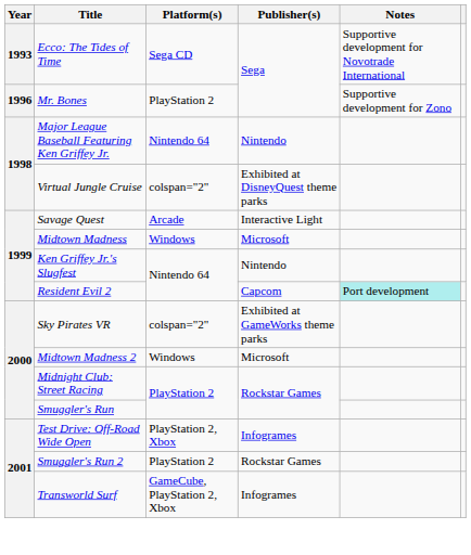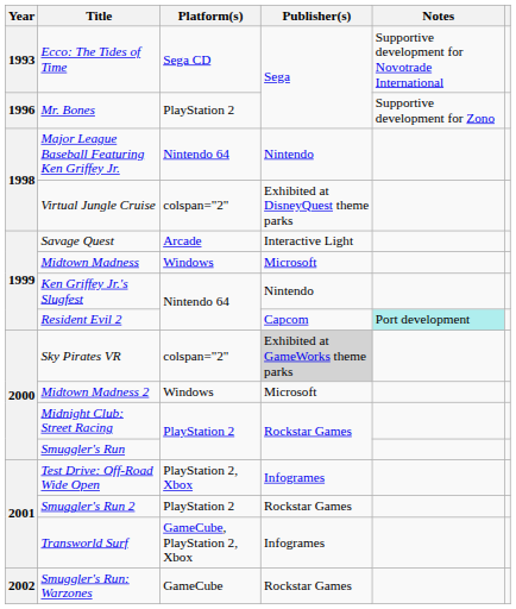 <table class="wikitable sortable plainrowheaders">
 <tr>
 <th scope="col">Year</th>
 <th scope="col">Title</th>
 <th scope="col">Platform(s)</th>
 <th scope="col">Publisher(s)</th>
 <th scope="col" class="unsortable">Notes</th>
 <th scope="col" class="unsortable"></th>
 </tr>
 <tr>
 <th scope="row">1993</th>
 <td><em><a href='#'>Ecco: The Tides of Time</a></em></td>
 <td><a href='#'>Sega CD</a></td>
 <td rowspan="2"><a href='#'>Sega</a></td>
 <td>Supportive development for <a href='#'>Novotrade International</a></td>
 <td></td>
 </tr>
 <tr>
 <th scope="row">1996</th>
 <td><em><a href='#'>Mr. Bones</a></em></td>
 <td>PlayStation 2</td>
 <td>Supportive development for <a href='#'>Zono</a></td>
 <td></td>
 </tr>
 <tr>
 <th scope="row" rowspan="2">1998</th>
 <td><em><a href='#'>Major League Baseball Featuring Ken Griffey Jr.</a></em></td>
 <td><a href='#'>Nintendo 64</a></td>
 <td><a href='#'>Nintendo</a></td>
 <td></td>
 <td></td>
 </tr>
 <tr>
 <td><em>Virtual Jungle Cruise</em></td>
 <td>colspan="2" </td>
 <td>Exhibited at <a href='#'>DisneyQuest</a> theme parks</td>
 <td></td>
 </tr>
 <tr>
 <th scope="row" rowspan="4">1999</th>
 <td><em>Savage Quest</em></td>
 <td><a href='#'>Arcade</a></td>
 <td>Interactive Light</td>
 <td></td>
 <td></td>
 </tr>
 <tr>
 <td><em><a href='#'>Midtown Madness</a></em></td>
 <td><a href='#'>Windows</a></td>
 <td><a href='#'>Microsoft</a></td>
 <td></td>
 <td></td>
 </tr>
 <tr>
 <td><em><a href='#'>Ken Griffey Jr.'s Slugfest</a></em></td>
 <td rowspan="2">Nintendo 64</td>
 <td>Nintendo</td>
 <td></td>
 <td></td>
 </tr>
 <tr>
 <td><em><a href='#'>Resident Evil 2</a></em></td>
 <td><a href='#'>Capcom</a></td>
 <td style="background: paleturquoise;">Port development</td>
 <td></td>
 </tr>
 <tr>
 <th scope="row" rowspan="4">2000</th>
 <td><em>Sky Pirates VR</em></td>
 <td>colspan="2" </td>
-<td>Exhibited at <a href='#'>GameWorks</a> theme parks</td>
+<td style="background: lightgrey;">Exhibited at <a href='#'>GameWorks</a> theme parks</td>
 <td></td>
 </tr>
 <tr>
 <td><em><a href='#'>Midtown Madness 2</a></em></td>
 <td>Windows</td>
 <td>Microsoft</td>
 <td></td>
 <td></td>
 </tr>
 <tr>
 <td><em><a href='#'>Midnight Club: Street Racing</a></em></td>
 <td rowspan="2"><a href='#'>PlayStation 2</a></td>
 <td rowspan="2"><a href='#'>Rockstar Games</a></td>
 <td></td>
 <td></td>
 </tr>
 <tr>
 <td><em><a href='#'>Smuggler's Run</a></em></td>
 <td></td>
 <td></td>
 </tr>
 <tr>
 <th scope="row" rowspan="3">2001</th>
 <td><em><a href='#'>Test Drive: Off-Road Wide Open</a></em></td>
 <td>PlayStation 2, <a href='#'>Xbox</a></td>
 <td><a href='#'>Infogrames</a></td>
 <td></td>
 <td></td>
 </tr>
 <tr>
 <td><em><a href='#'>Smuggler's Run 2</a></em></td>
 <td>PlayStation 2</td>
 <td>Rockstar Games</td>
 <td></td>
 <td></td>
 </tr>
 <tr>
 <td><em><a href='#'>Transworld Surf</a></em></td>
 <td><a href='#'>GameCube</a>, PlayStation 2, Xbox</td>
 <td>Infogrames</td>
 <td></td>
 <td></td>
 </tr>
+<tr>
+<th scope="row">2002</th>
+<td><em><a href='#'>Smuggler's Run: Warzones</a></em></td>
+<td>GameCube</td>
+<td>Rockstar Games</td>
+<td></td>
+<td></td>
+</tr>
 </table>
